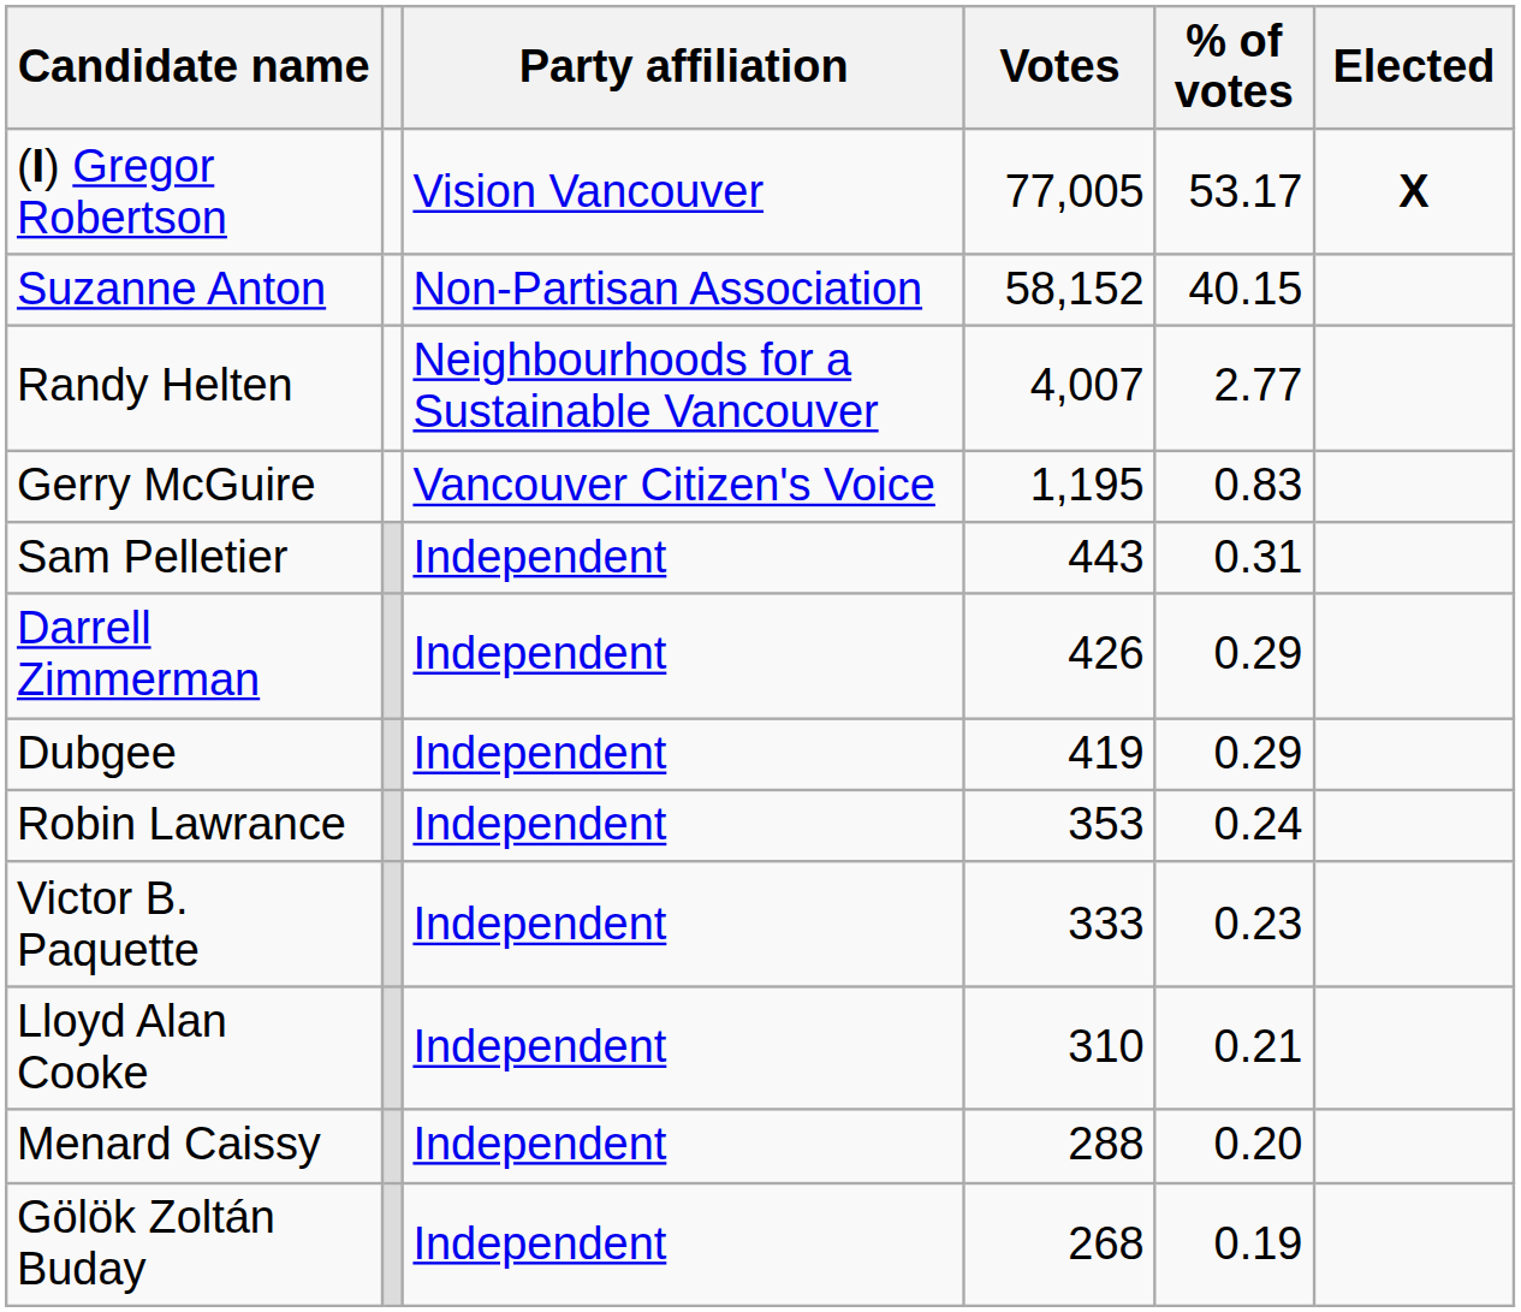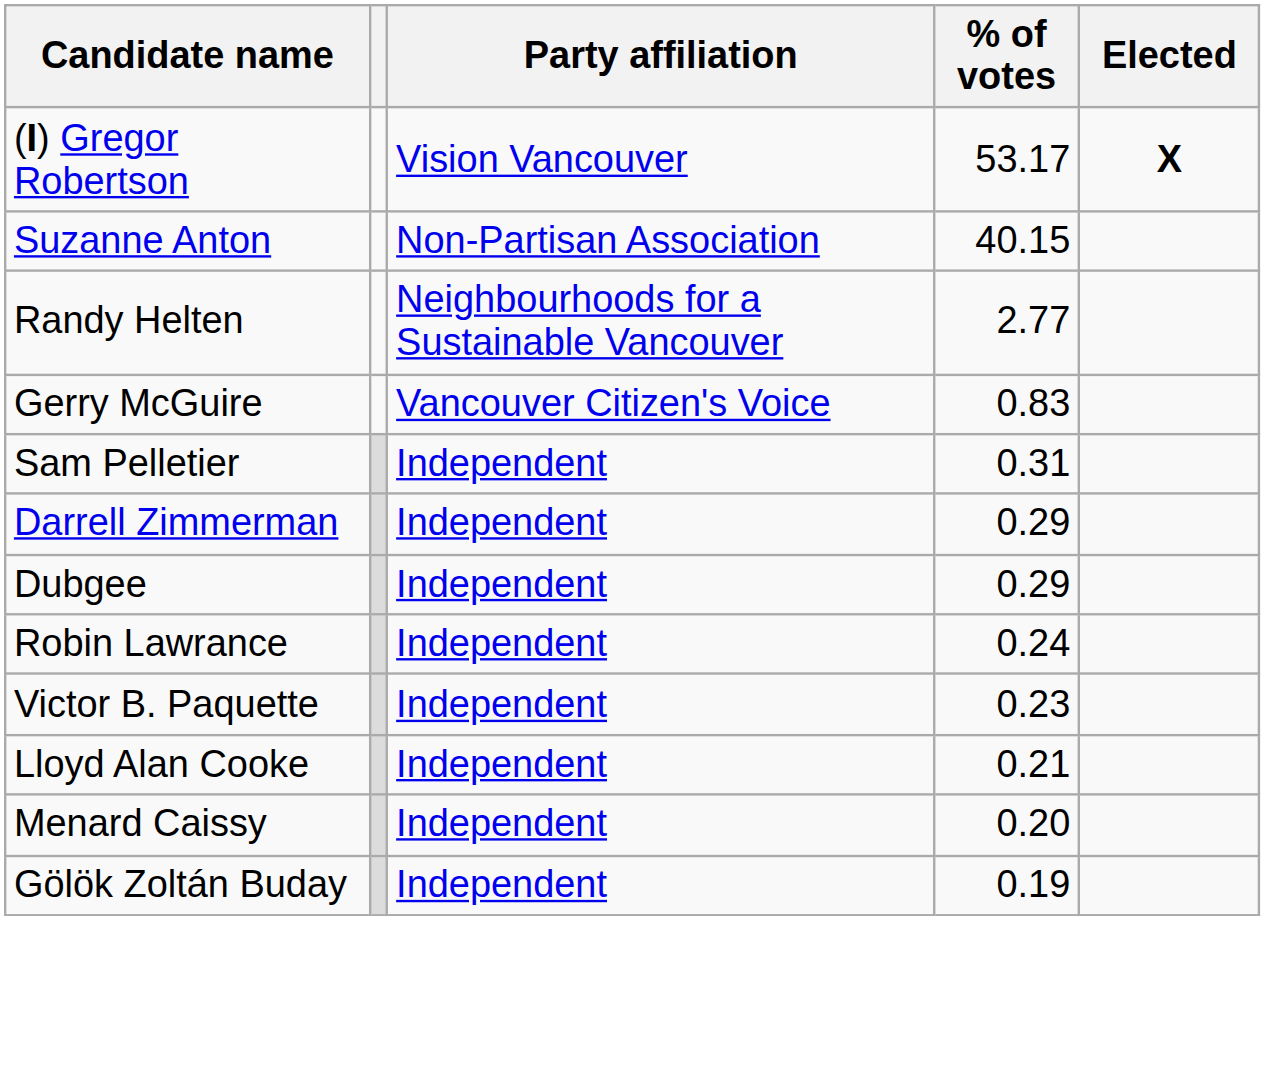 <table class="wikitable sortable" style="width: 60%;">
 <tr>
 <th style="width:20%;">Candidate name</th>
 <th style="width:0.05%;" class="unsortable"></th>
 <th style="width:30%;">Party affiliation</th>
-<th style="width:8%;">Votes</th>
 <th style="width:5%;">% of votes</th>
 <th style="width:5%;">Elected</th>
 </tr>
 <tr>
 <td data-sort-value="Robertson, Gregor">(<strong>I</strong>) <a href='#'>Gregor Robertson</a></td>
 <td style="background:"></td>
 <td><a href='#'>Vision Vancouver</a></td>
-<td style="text-align: right;">77,005</td>
 <td style="text-align: right;">53.17</td>
 <td style="text-align: center;"><strong>X</strong></td>
 </tr>
 <tr>
 <td data-sort-value="Anton, Suzanne"><a href='#'>Suzanne Anton</a></td>
 <td style="background:"></td>
 <td><a href='#'>Non-Partisan Association</a></td>
-<td style="text-align: right;">58,152</td>
 <td style="text-align: right;">40.15</td>
 <td></td>
 </tr>
 <tr>
 <td data-sort-value="Helten, Randy">Randy Helten</td>
 <td style="background:"></td>
 <td><a href='#'>Neighbourhoods for a Sustainable Vancouver</a></td>
-<td style="text-align: right;">4,007</td>
 <td style="text-align: right;">2.77</td>
 <td></td>
 </tr>
 <tr>
 <td data-sort-value="McGuire, Gerry">Gerry McGuire</td>
 <td style="background:"></td>
 <td><a href='#'>Vancouver Citizen's Voice</a></td>
-<td style="text-align: right;">1,195</td>
 <td style="text-align: right;">0.83</td>
 <td></td>
 </tr>
 <tr>
 <td data-sort-value="Pelletier, Sam">Sam Pelletier</td>
 <td style="background:gainsboro;"></td>
 <td><a href='#'>Independent</a></td>
-<td style="text-align: right;">443</td>
 <td style="text-align: right;">0.31</td>
 <td></td>
 </tr>
 <tr>
 <td data-sort-value="Zimmerman, Darrell"><a href='#'>Darrell Zimmerman</a></td>
 <td style="background:gainsboro;"></td>
 <td><a href='#'>Independent</a></td>
-<td style="text-align: right;">426</td>
 <td style="text-align: right;">0.29</td>
 <td></td>
 </tr>
 <tr>
 <td>Dubgee</td>
 <td style="background:gainsboro;"></td>
 <td><a href='#'>Independent</a></td>
-<td style="text-align: right;">419</td>
 <td style="text-align: right;">0.29</td>
 <td></td>
 </tr>
 <tr>
 <td data-sort-value="Lawrance, Robin">Robin Lawrance</td>
 <td style="background:gainsboro;"></td>
 <td><a href='#'>Independent</a></td>
-<td style="text-align: right;">353</td>
 <td style="text-align: right;">0.24</td>
 <td></td>
 </tr>
 <tr>
 <td data-sort-value="Paquette, Victor B.">Victor B. Paquette</td>
 <td style="background:gainsboro;"></td>
 <td><a href='#'>Independent</a></td>
-<td style="text-align: right;">333</td>
 <td style="text-align: right;">0.23</td>
 <td></td>
 </tr>
 <tr>
 <td data-sort-value="Cooke, Lloyd Alan">Lloyd Alan Cooke</td>
 <td style="background:gainsboro;"></td>
 <td><a href='#'>Independent</a></td>
-<td style="text-align: right;">310</td>
 <td style="text-align: right;">0.21</td>
 <td></td>
 </tr>
 <tr>
 <td data-sort-value="Caissy, Menard">Menard Caissy</td>
 <td style="background:gainsboro;"></td>
 <td><a href='#'>Independent</a></td>
-<td style="text-align: right;">288</td>
 <td style="text-align: right;">0.20</td>
 <td></td>
 </tr>
 <tr>
 <td data-sort-value="Buday, Gölök Zoltán">Gölök Zoltán Buday</td>
 <td style="background:gainsboro;"></td>
 <td><a href='#'>Independent</a></td>
-<td style="text-align: right;">268</td>
 <td style="text-align: right;">0.19</td>
 <td></td>
 </tr>
 </table>
